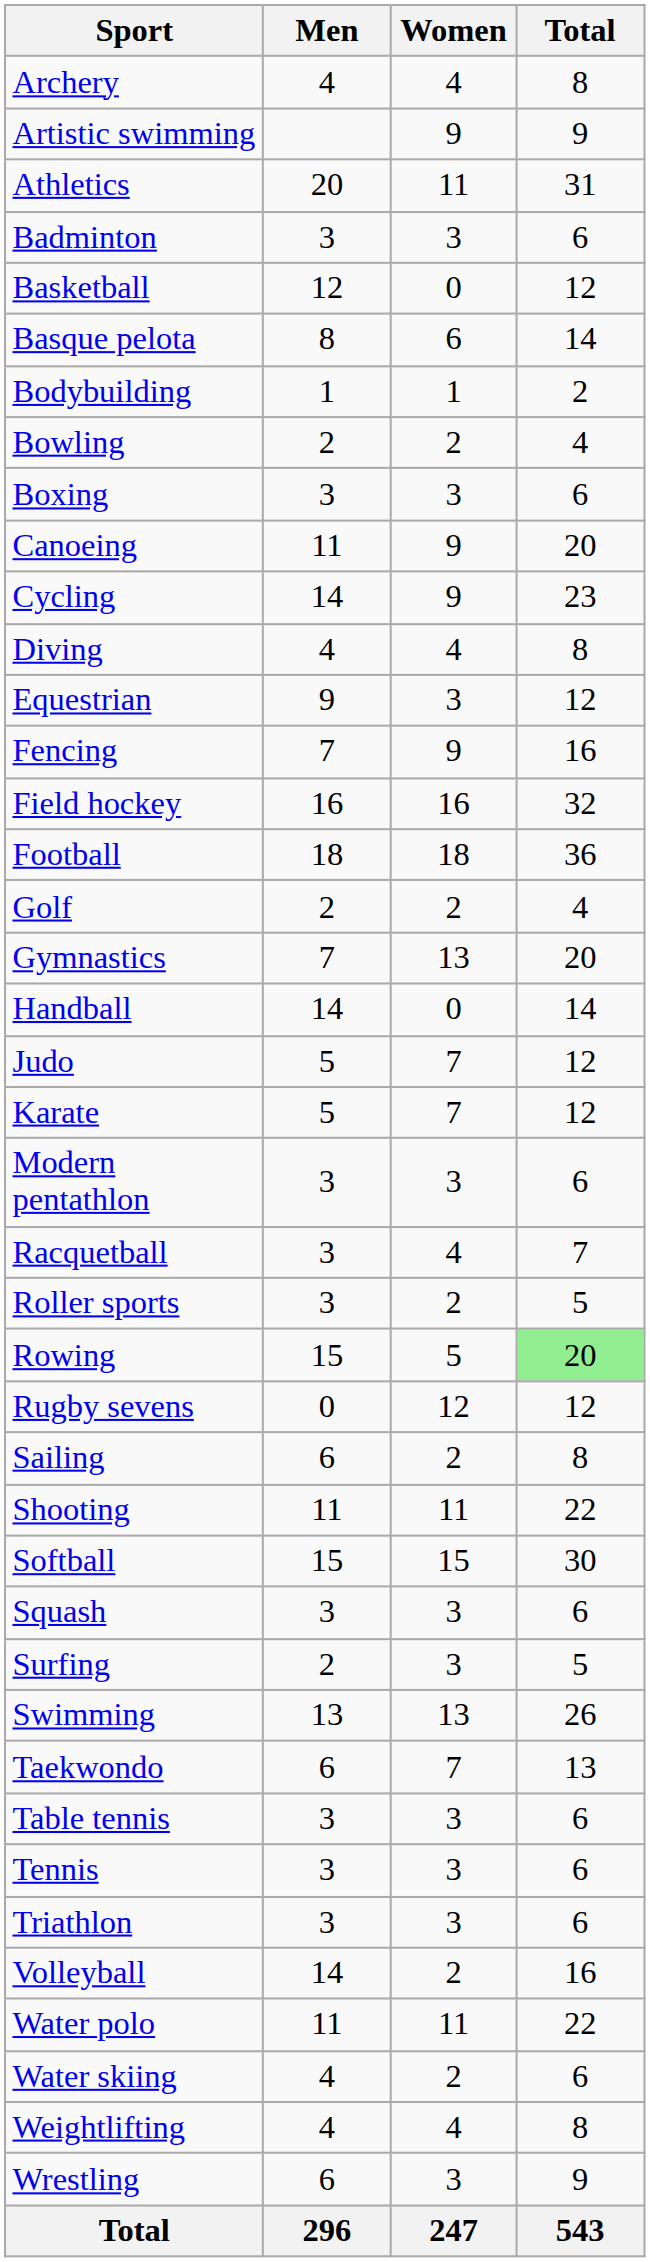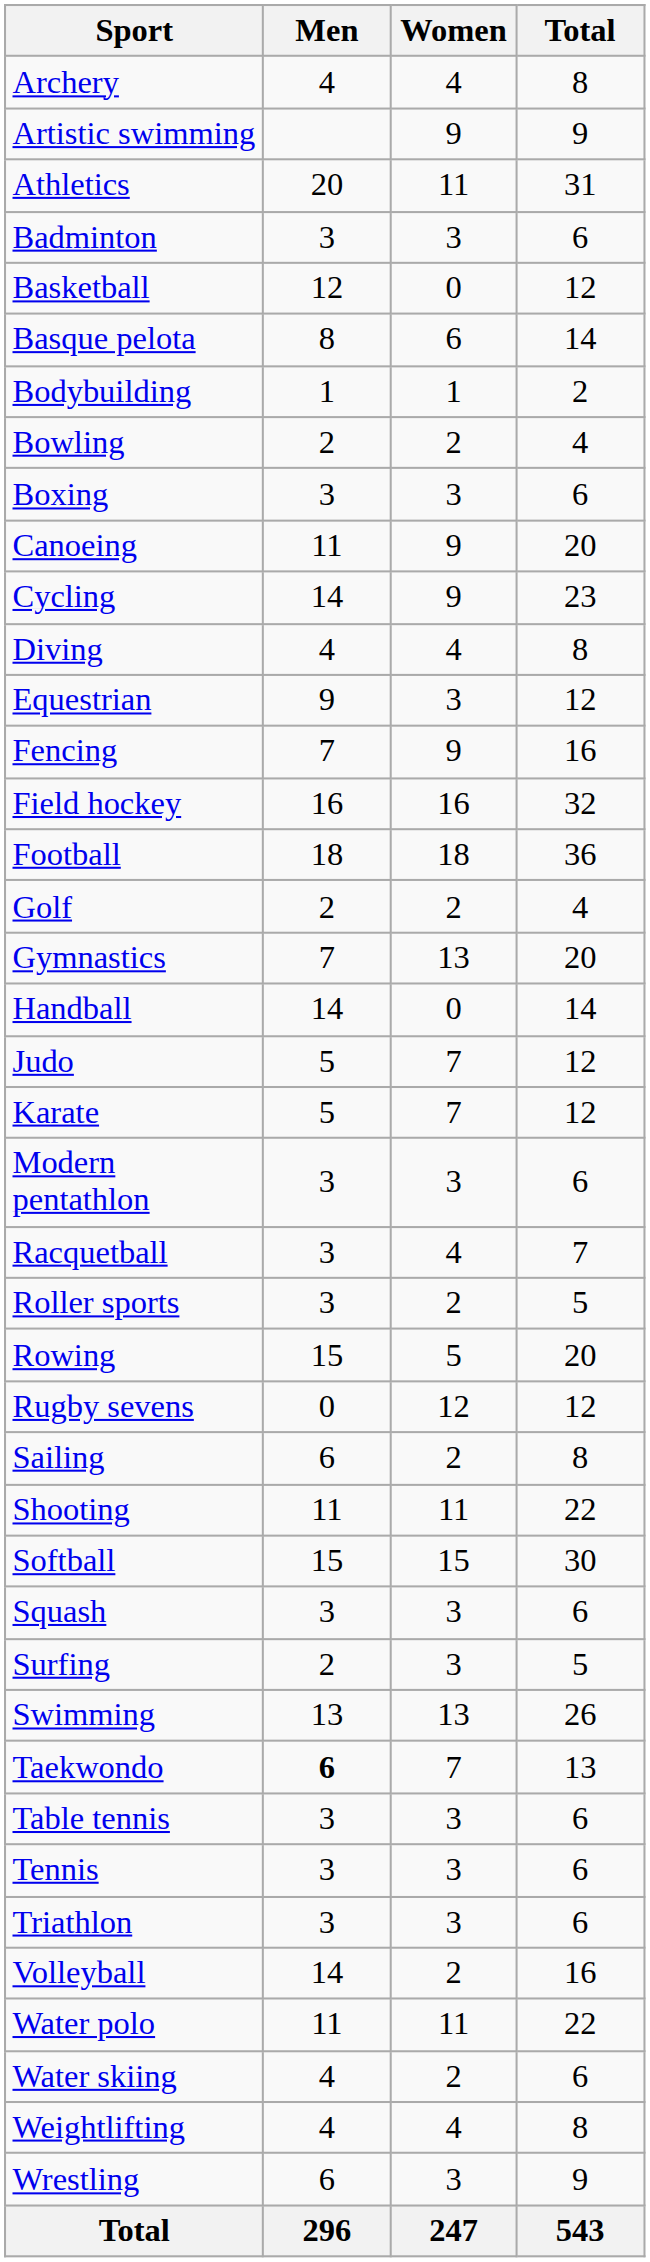 <table class="wikitable sortable" style="text-align:center;">
 <tr>
 <th width=120>Sport</th>
 <th width=55>Men</th>
 <th width=55>Women</th>
 <th width=55>Total</th>
 </tr>
 <tr>
 <td align=left><a href='#'>Archery</a></td>
 <td>4</td>
 <td>4</td>
 <td>8</td>
 </tr>
 <tr>
 <td align=left><a href='#'>Artistic swimming</a></td>
 <td></td>
 <td>9</td>
 <td>9</td>
 </tr>
 <tr>
 <td align=left><a href='#'>Athletics</a></td>
 <td>20</td>
 <td>11</td>
 <td>31</td>
 </tr>
 <tr>
 <td align=left><a href='#'>Badminton</a></td>
 <td>3</td>
 <td>3</td>
 <td>6</td>
 </tr>
 <tr>
 <td align=left><a href='#'>Basketball</a></td>
 <td>12</td>
 <td>0</td>
 <td>12</td>
 </tr>
 <tr>
 <td align=left><a href='#'>Basque pelota</a></td>
 <td>8</td>
 <td>6</td>
 <td>14</td>
 </tr>
 <tr>
 <td align=left><a href='#'>Bodybuilding</a></td>
 <td>1</td>
 <td>1</td>
 <td>2</td>
 </tr>
 <tr>
 <td align=left><a href='#'>Bowling</a></td>
 <td>2</td>
 <td>2</td>
 <td>4</td>
 </tr>
 <tr>
 <td align=left><a href='#'>Boxing</a></td>
 <td>3</td>
 <td>3</td>
 <td>6</td>
 </tr>
 <tr>
 <td align=left><a href='#'>Canoeing</a></td>
 <td>11</td>
 <td>9</td>
 <td>20</td>
 </tr>
 <tr>
 <td align=left><a href='#'>Cycling</a></td>
 <td>14</td>
 <td>9</td>
 <td>23</td>
 </tr>
 <tr>
 <td align=left><a href='#'>Diving</a></td>
 <td>4</td>
 <td>4</td>
 <td>8</td>
 </tr>
 <tr>
 <td align=left><a href='#'>Equestrian</a></td>
 <td>9</td>
 <td>3</td>
 <td>12</td>
 </tr>
 <tr>
 <td align=left><a href='#'>Fencing</a></td>
 <td>7</td>
 <td>9</td>
 <td>16</td>
 </tr>
 <tr>
 <td align=left><a href='#'>Field hockey</a></td>
 <td>16</td>
 <td>16</td>
 <td>32</td>
 </tr>
 <tr>
 <td align=left><a href='#'>Football</a></td>
 <td>18</td>
 <td>18</td>
 <td>36</td>
 </tr>
 <tr>
 <td align=left><a href='#'>Golf</a></td>
 <td>2</td>
 <td>2</td>
 <td>4</td>
 </tr>
 <tr>
 <td align=left><a href='#'>Gymnastics</a></td>
 <td>7</td>
 <td>13</td>
 <td>20</td>
 </tr>
 <tr>
 <td align=left><a href='#'>Handball</a></td>
 <td>14</td>
 <td>0</td>
 <td>14</td>
 </tr>
 <tr>
 <td align=left><a href='#'>Judo</a></td>
 <td>5</td>
 <td>7</td>
 <td>12</td>
 </tr>
 <tr>
 <td align=left><a href='#'>Karate</a></td>
 <td>5</td>
 <td>7</td>
 <td>12</td>
 </tr>
 <tr>
 <td align=left><a href='#'>Modern pentathlon</a></td>
 <td>3</td>
 <td>3</td>
 <td>6</td>
 </tr>
 <tr>
 <td align=left><a href='#'>Racquetball</a></td>
 <td>3</td>
 <td>4</td>
 <td>7</td>
 </tr>
 <tr>
 <td align=left><a href='#'>Roller sports</a></td>
 <td>3</td>
 <td>2</td>
 <td>5</td>
 </tr>
 <tr>
 <td align=left><a href='#'>Rowing</a></td>
 <td>15</td>
 <td>5</td>
-<td style="background: lightgreen;">20</td>
+<td>20</td>
 </tr>
 <tr>
 <td align=left><a href='#'>Rugby sevens</a></td>
 <td>0</td>
 <td>12</td>
 <td>12</td>
 </tr>
 <tr>
 <td align=left><a href='#'>Sailing</a></td>
 <td>6</td>
 <td>2</td>
 <td>8</td>
 </tr>
 <tr>
 <td align=left><a href='#'>Shooting</a></td>
 <td>11</td>
 <td>11</td>
 <td>22</td>
 </tr>
 <tr>
 <td align=left><a href='#'>Softball</a></td>
 <td>15</td>
 <td>15</td>
 <td>30</td>
 </tr>
 <tr>
 <td align=left><a href='#'>Squash</a></td>
 <td>3</td>
 <td>3</td>
 <td>6</td>
 </tr>
 <tr>
 <td align=left><a href='#'>Surfing</a></td>
 <td>2</td>
 <td>3</td>
 <td>5</td>
 </tr>
 <tr>
 <td align=left><a href='#'>Swimming</a></td>
 <td>13</td>
 <td>13</td>
 <td>26</td>
 </tr>
 <tr>
 <td align=left><a href='#'>Taekwondo</a></td>
-<td>6</td>
+<td><strong>6</strong></td>
 <td>7</td>
 <td>13</td>
 </tr>
 <tr>
 <td align=left><a href='#'>Table tennis</a></td>
 <td>3</td>
 <td>3</td>
 <td>6</td>
 </tr>
 <tr>
 <td align=left><a href='#'>Tennis</a></td>
 <td>3</td>
 <td>3</td>
 <td>6</td>
 </tr>
 <tr>
 <td align=left><a href='#'>Triathlon</a></td>
 <td>3</td>
 <td>3</td>
 <td>6</td>
 </tr>
 <tr>
 <td align=left><a href='#'>Volleyball</a></td>
 <td>14</td>
 <td>2</td>
 <td>16</td>
 </tr>
 <tr>
 <td align=left><a href='#'>Water polo</a></td>
 <td>11</td>
 <td>11</td>
 <td>22</td>
 </tr>
 <tr>
 <td align=left><a href='#'>Water skiing</a></td>
 <td>4</td>
 <td>2</td>
 <td>6</td>
 </tr>
 <tr>
 <td align=left><a href='#'>Weightlifting</a></td>
 <td>4</td>
 <td>4</td>
 <td>8</td>
 </tr>
 <tr>
 <td align=left><a href='#'>Wrestling</a></td>
 <td>6</td>
 <td>3</td>
 <td>9</td>
 </tr>
 <tr>
 <th>Total</th>
 <th>296</th>
 <th>247</th>
 <th>543</th>
 </tr>
 </table>
